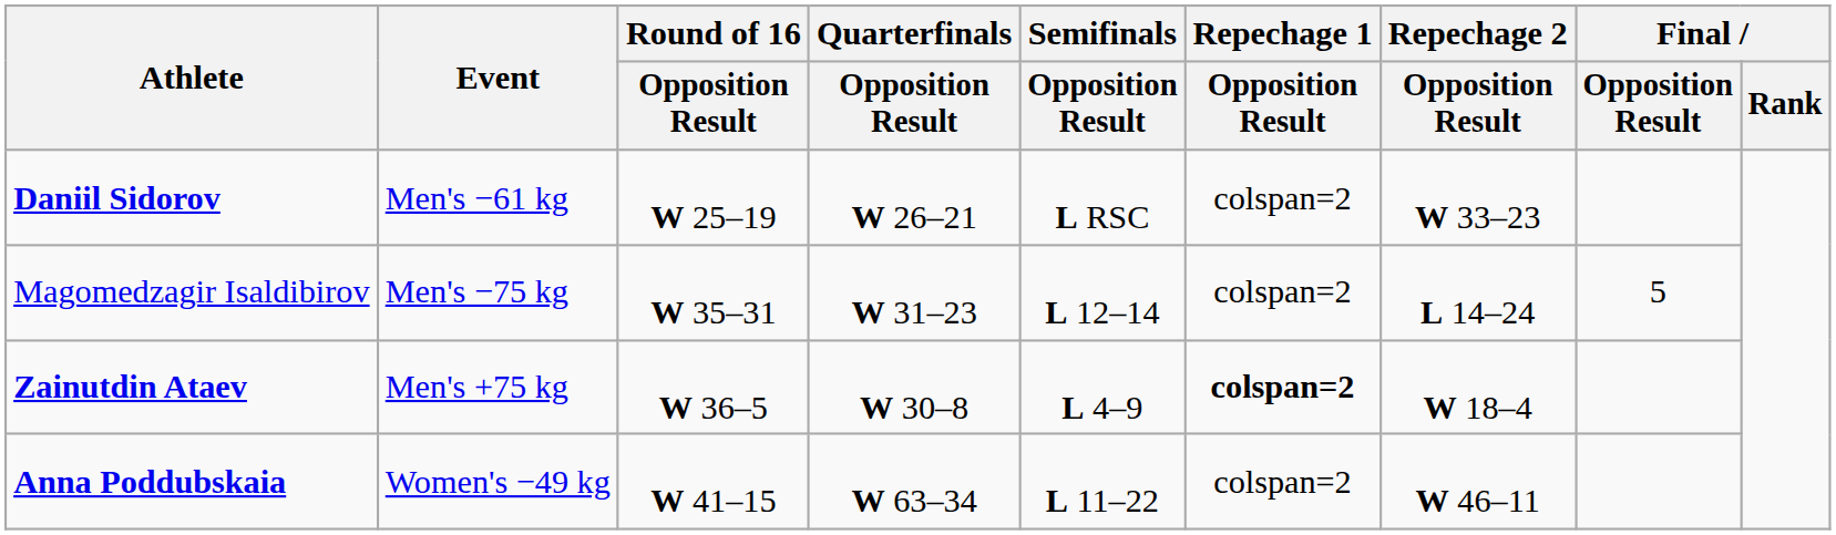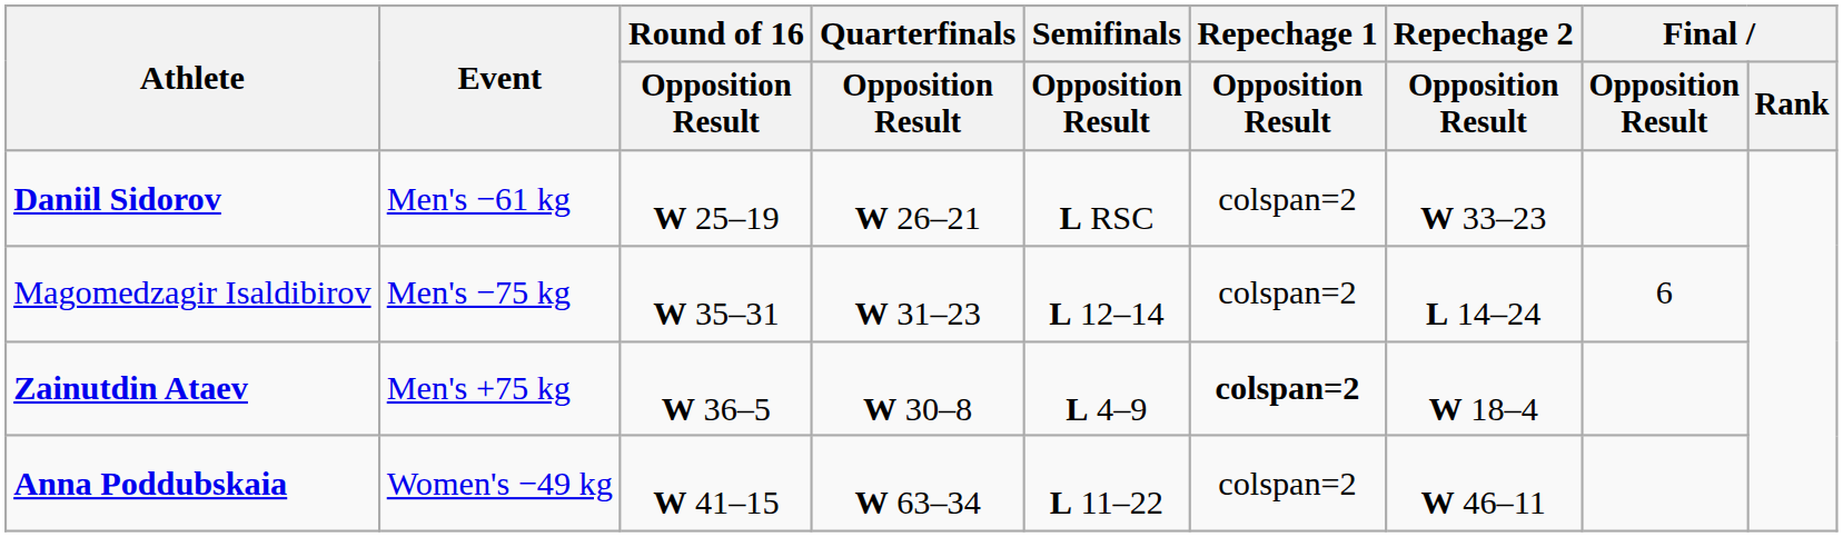 <table class=wikitable style="text-align:center; font-size:90%">
 <tr>
 <th rowspan=2>Athlete</th>
 <th rowspan=2>Event</th>
 <th>Round of 16</th>
 <th>Quarterfinals</th>
 <th>Semifinals</th>
 <th>Repechage 1</th>
 <th>Repechage 2</th>
 <th colspan=2>Final / </th>
 </tr>
 <tr style="font-size:95%">
 <th>Opposition<br>Result</th>
 <th>Opposition<br>Result</th>
 <th>Opposition<br>Result</th>
 <th>Opposition<br>Result</th>
 <th>Opposition<br>Result</th>
 <th>Opposition<br>Result</th>
 <th>Rank</th>
 </tr>
 <tr>
 <td align=left><strong><a href='#'>Daniil Sidorov</a></strong></td>
 <td align=left><a href='#'>Men's −61 kg</a></td>
 <td><br><strong>W</strong> 25–19</td>
 <td><br><strong>W</strong> 26–21</td>
 <td><br><strong>L</strong> RSC</td>
 <td>colspan=2 </td>
 <td><br><strong>W</strong> 33–23</td>
 <td></td>
 </tr>
 <tr>
 <td align=left><a href='#'>Magomedzagir Isaldibirov</a></td>
 <td align=left><a href='#'>Men's −75 kg</a></td>
 <td><br><strong>W</strong> 35–31</td>
 <td><br><strong>W</strong> 31–23</td>
 <td><br><strong>L</strong> 12–14</td>
 <td>colspan=2 </td>
 <td><br><strong>L</strong> 14–24</td>
-<td>5</td>
+<td>6</td>
 </tr>
 <tr>
 <td align=left><strong><a href='#'>Zainutdin Ataev</a></strong></td>
 <td align=left><a href='#'>Men's +75 kg</a></td>
 <td><br><strong>W</strong> 36–5</td>
 <td><br><strong>W</strong> 30–8</td>
 <td><br><strong>L</strong> 4–9</td>
 <td><strong>colspan=2 </strong></td>
 <td><br><strong>W</strong> 18–4</td>
 <td></td>
 </tr>
 <tr>
 <td align=left><strong><a href='#'>Anna Poddubskaia</a></strong></td>
 <td align=left><a href='#'>Women's −49 kg</a></td>
 <td><br><strong>W</strong> 41–15</td>
 <td><br><strong>W</strong> 63–34</td>
 <td><br><strong>L</strong> 11–22</td>
 <td>colspan=2 </td>
 <td><br><strong>W</strong> 46–11</td>
 <td></td>
 </tr>
 </table>
